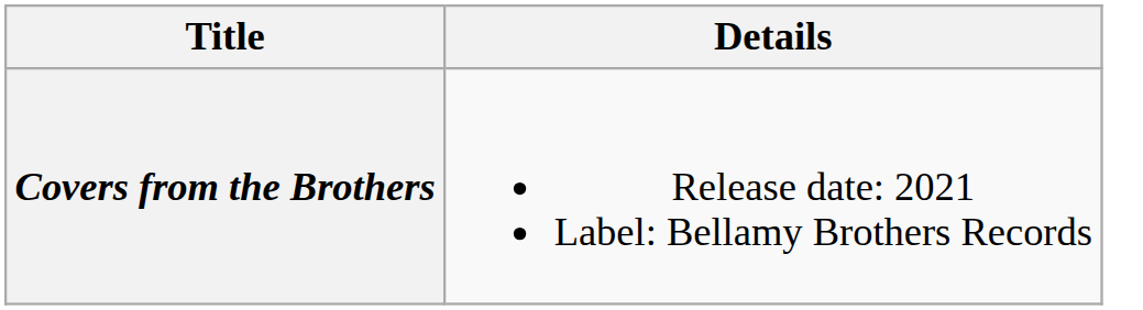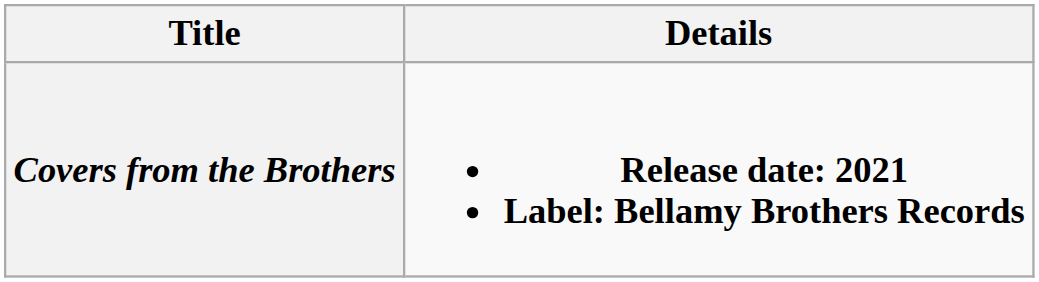 <table class="wikitable plainrowheaders" style="text-align:center;">
 <tr>
 <th scope="col">Title</th>
 <th scope="col">Details</th>
 </tr>
 <tr>
 <th scope="row"><em>Covers from the Brothers</em></th>
-<td><br><ul><li>Release date: 2021</li><li>Label: Bellamy Brothers Records</li></ul></td>
+<td><strong><br><ul><li>Release date: 2021</li><li>Label: Bellamy Brothers Records</li></ul></strong></td>
 </tr>
 </table>
